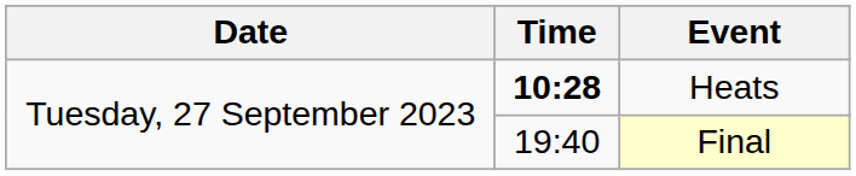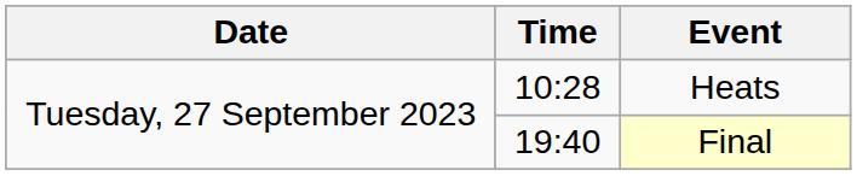 <table class = "wikitable" style="text-align:center;">
 <tr>
 <th width=220>Date</th>
 <th width=50>Time</th>
 <th width=100>Event</th>
 </tr>
 <tr>
 <td rowspan=2>Tuesday, 27 September 2023</td>
-<td><strong>10:28</strong></td>
+<td>10:28</td>
 <td>Heats</td>
 </tr>
 <tr>
 <td>19:40</td>
 <td bgcolor=ffffcc>Final</td>
 </tr>
 </table>
